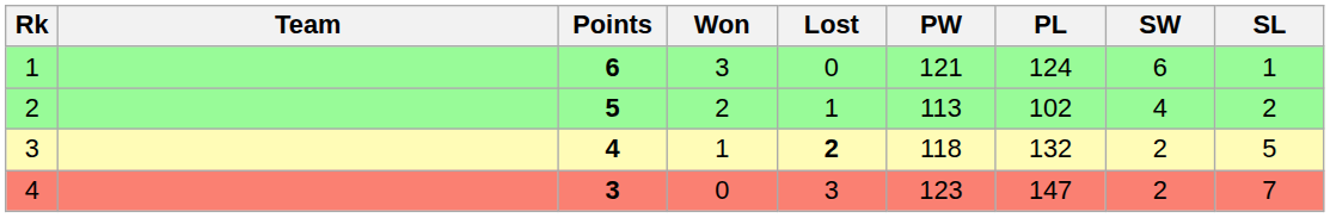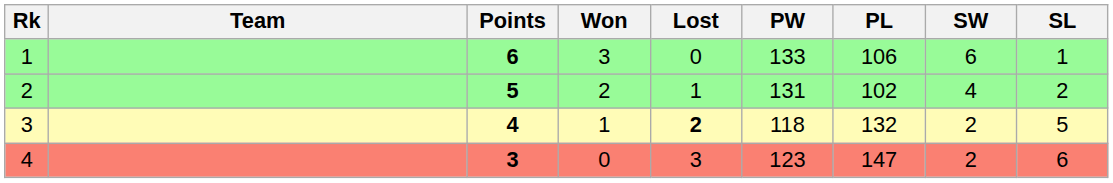 <table class=wikitable style=text-align:center>
 <tr>
 <th width=25>Rk</th>
 <th width=300>Team</th>
 <th width=60>Points</th>
 <th width=60>Won</th>
 <th width=60>Lost</th>
 <th width=60>PW</th>
 <th width=60>PL</th>
 <th width=60>SW</th>
 <th width=60>SL</th>
 </tr>
 <tr style="background: #98fb98">
 <td>1</td>
 <td align=left></td>
 <td><strong>6</strong></td>
 <td>3</td>
 <td>0</td>
-<td>121</td>
-<td>124</td>
+<td>133</td>
+<td>106</td>
 <td>6</td>
 <td>1</td>
 </tr>
 <tr style="background: #98fb98">
 <td>2</td>
 <td align=left></td>
 <td><strong>5</strong></td>
 <td>2</td>
 <td>1</td>
-<td>113</td>
+<td>131</td>
 <td>102</td>
 <td>4</td>
 <td>2</td>
 </tr>
 <tr style="background: #fffcb7">
 <td>3</td>
 <td align=left></td>
 <td><strong>4</strong></td>
 <td>1</td>
 <td><strong>2</strong></td>
 <td>118</td>
 <td>132</td>
 <td>2</td>
 <td>5</td>
 </tr>
 <tr style="background: salmon">
 <td>4</td>
 <td align=left></td>
 <td><strong>3</strong></td>
 <td>0</td>
 <td>3</td>
 <td>123</td>
 <td>147</td>
 <td>2</td>
-<td>7</td>
+<td>6</td>
 </tr>
 </table>
